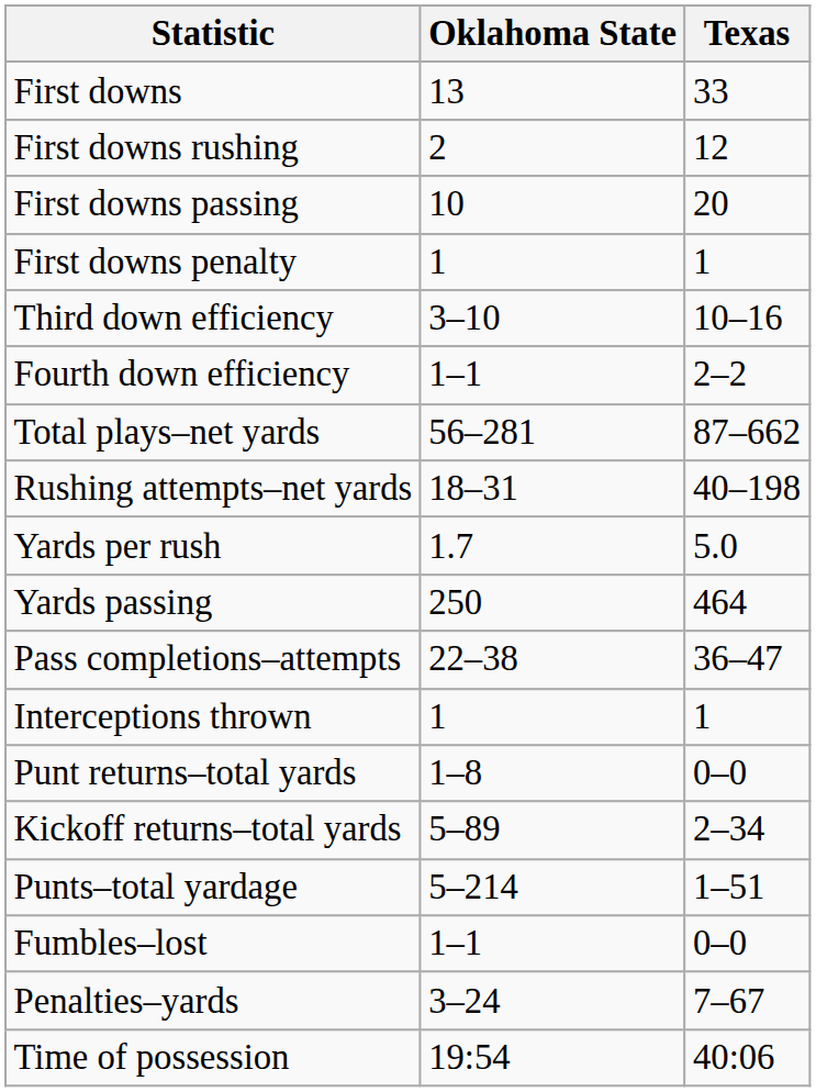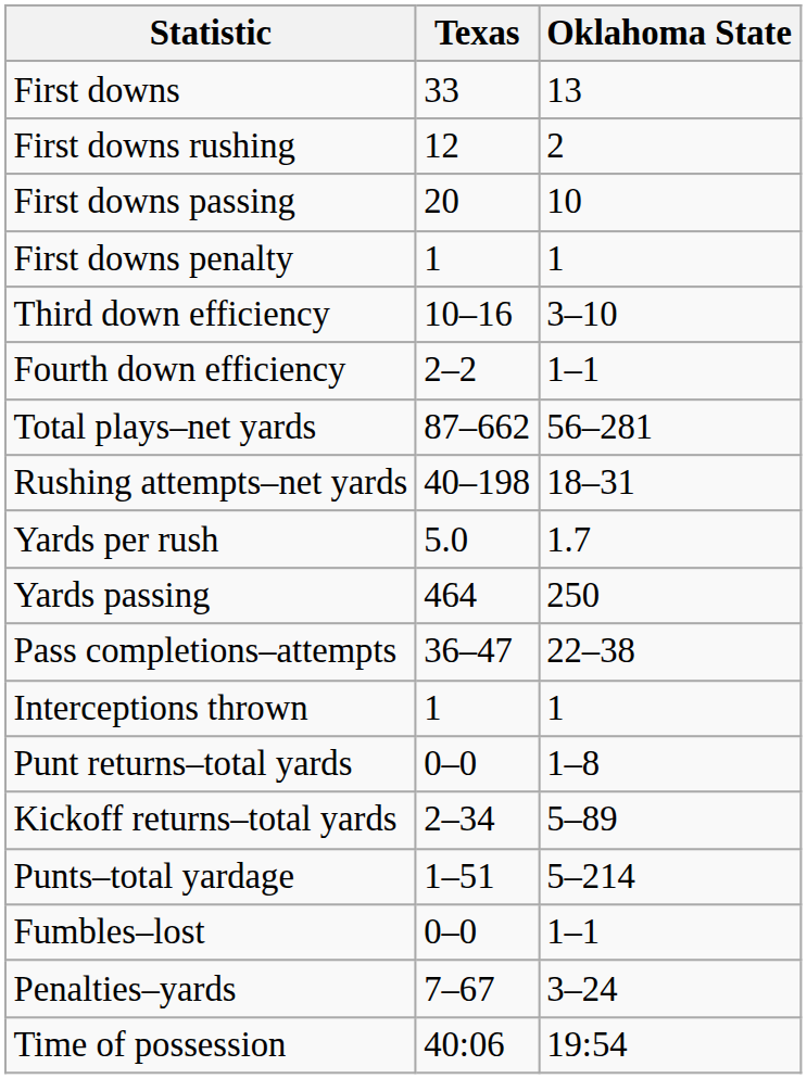 <table class="wikitable">
 <tr>
 <th>Statistic</th>
+<th><strong>Texas</strong></th>
 <th><strong>Oklahoma State</strong></th>
-<th><strong>Texas</strong></th>
 </tr>
 <tr>
 <td>First downs</td>
+<td>33</td>
 <td>13</td>
-<td>33</td>
 </tr>
 <tr>
 <td>First downs rushing</td>
+<td>12</td>
 <td>2</td>
-<td>12</td>
 </tr>
 <tr>
 <td>First downs passing</td>
+<td>20</td>
 <td>10</td>
-<td>20</td>
 </tr>
 <tr>
 <td>First downs penalty</td>
 <td>1</td>
 <td>1</td>
 </tr>
 <tr>
 <td>Third down efficiency</td>
+<td>10–16</td>
 <td>3–10</td>
-<td>10–16</td>
 </tr>
 <tr>
 <td>Fourth down efficiency</td>
+<td>2–2</td>
 <td>1–1</td>
-<td>2–2</td>
 </tr>
 <tr>
 <td>Total plays–net yards</td>
+<td>87–662</td>
 <td>56–281</td>
-<td>87–662</td>
 </tr>
 <tr>
 <td>Rushing attempts–net yards</td>
+<td>40–198</td>
 <td>18–31</td>
-<td>40–198</td>
 </tr>
 <tr>
 <td>Yards per rush</td>
+<td>5.0</td>
 <td>1.7</td>
-<td>5.0</td>
 </tr>
 <tr>
 <td>Yards passing</td>
+<td>464</td>
 <td>250</td>
-<td>464</td>
 </tr>
 <tr>
 <td>Pass completions–attempts</td>
+<td>36–47</td>
 <td>22–38</td>
-<td>36–47</td>
 </tr>
 <tr>
 <td>Interceptions thrown</td>
 <td>1</td>
 <td>1</td>
 </tr>
 <tr>
 <td>Punt returns–total yards</td>
+<td>0–0</td>
 <td>1–8</td>
-<td>0–0</td>
 </tr>
 <tr>
 <td>Kickoff returns–total yards</td>
+<td>2–34</td>
 <td>5–89</td>
-<td>2–34</td>
 </tr>
 <tr>
 <td>Punts–total yardage</td>
+<td>1–51</td>
 <td>5–214</td>
-<td>1–51</td>
 </tr>
 <tr>
 <td>Fumbles–lost</td>
+<td>0–0</td>
 <td>1–1</td>
-<td>0–0</td>
 </tr>
 <tr>
 <td>Penalties–yards</td>
+<td>7–67</td>
 <td>3–24</td>
-<td>7–67</td>
 </tr>
 <tr>
 <td>Time of possession</td>
+<td>40:06</td>
 <td>19:54</td>
-<td>40:06</td>
 </tr>
 </table>
